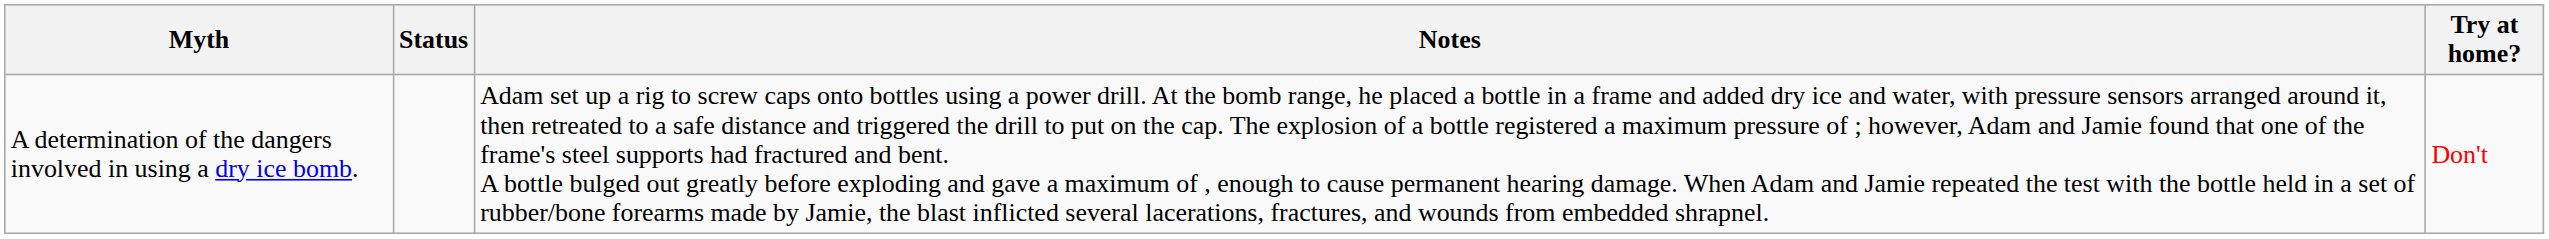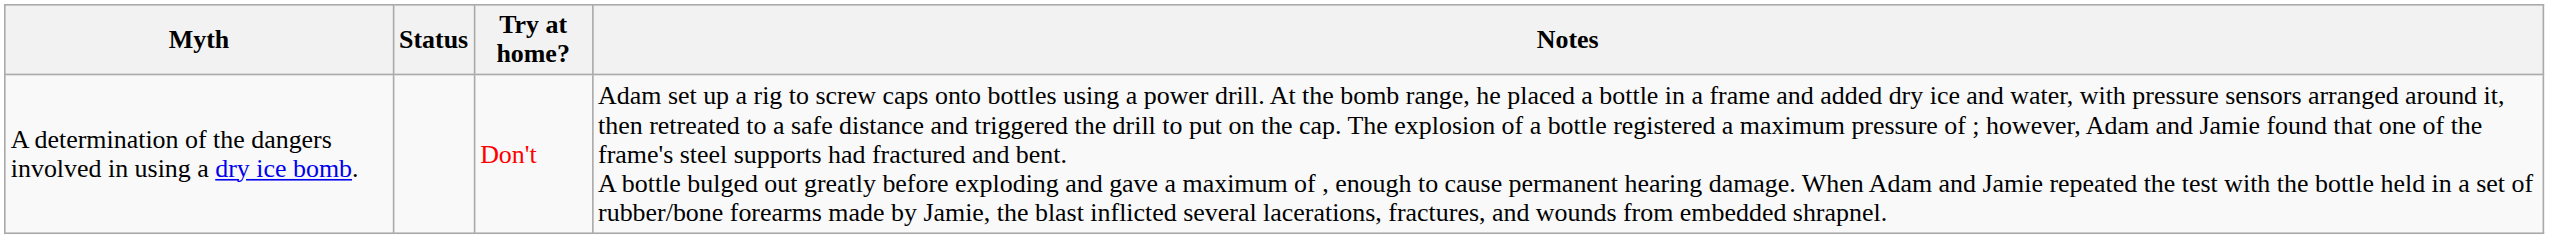 <table class="wikitable plainrowheaders">
 <tr>
 <th scope"col">Myth</th>
 <th scope"col">Status</th>
+<th scope"col">Try at home?</th>
 <th scope"col">Notes</th>
-<th scope"col">Try at home?</th>
 </tr>
 <tr>
 <td scope"row">A determination of the dangers involved in using a <a href='#'>dry ice bomb</a>.</td>
 <td></td>
+<td style="color:red">Don't</td>
 <td>Adam set up a rig to screw caps onto bottles using a power drill. At the bomb range, he placed a bottle in a frame and added dry ice and water, with pressure sensors arranged around it, then retreated to a safe distance and triggered the drill to put on the cap. The explosion of a  bottle registered a maximum pressure of ; however, Adam and Jamie found that one of the frame's steel supports had fractured and bent.<br>A  bottle bulged out greatly before exploding and gave a maximum of , enough to cause permanent hearing damage. When Adam and Jamie repeated the test with the bottle held in a set of rubber/bone forearms made by Jamie, the blast inflicted several lacerations, fractures, and wounds from embedded shrapnel.</td>
-<td style="color:red">Don't</td>
 </tr>
 </table>
